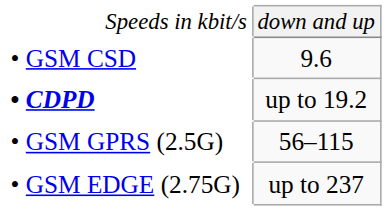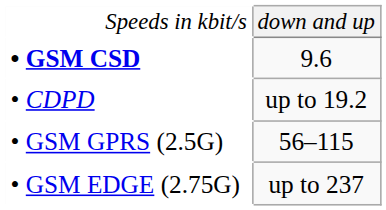 <table class=wikitable style="float:left; margin-top:5px; margin-right:5px; line-height:1.2em">
 <tr style="font-style:italic; padding-top:1px; padding-bottom:1px; line-height:0.9em; font-size:90%;">
 <td style="font-weight:normal; border:solid 1px white; border-right:inherit; background-color:white;" align=right>Speeds in kbit/s</td>
 <th colspan=2 style="font-weight:normal; border-bottom:solid 1px #888888;">down and up</th>
 </tr>
 <tr>
-<td style="border:solid 1px white; border-right:inherit; background-color:white;">• <a href='#'>GSM CSD</a></td>
+<td style="border:solid 1px white; border-right:inherit; background-color:white;"><strong>• <a href='#'>GSM CSD</a></strong></td>
 <td align="center" colspan=2>9.6</td>
 </tr>
 <tr>
-<td style="border:solid 1px white; border-right:inherit; background-color:white;"><strong>• <a href='#'><em>CDPD</em></a></strong></td>
+<td style="border:solid 1px white; border-right:inherit; background-color:white;">• <a href='#'><em>CDPD</em></a></td>
 <td colspan=2 align=center>up to 19.2</td>
 </tr>
 <tr>
 <td style="border:solid 1px white; border-right:inherit; background-color:white;">• <a href='#'>GSM GPRS</a> (2.5G)</td>
 <td colspan=2 align=center>56–115</td>
 </tr>
 <tr>
 <td style="border:solid 1px white; border-right:inherit; background-color:white;">• <a href='#'>GSM EDGE</a> (2.75G) </td>
 <td colspan=2 align=center>up to 237</td>
 </tr>
 </table>
